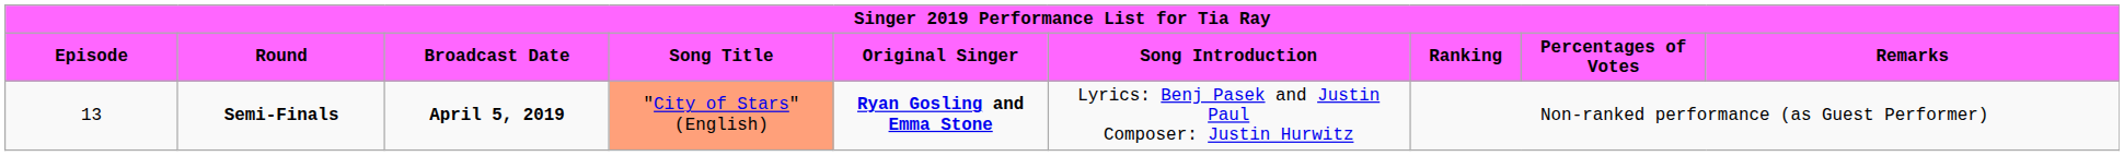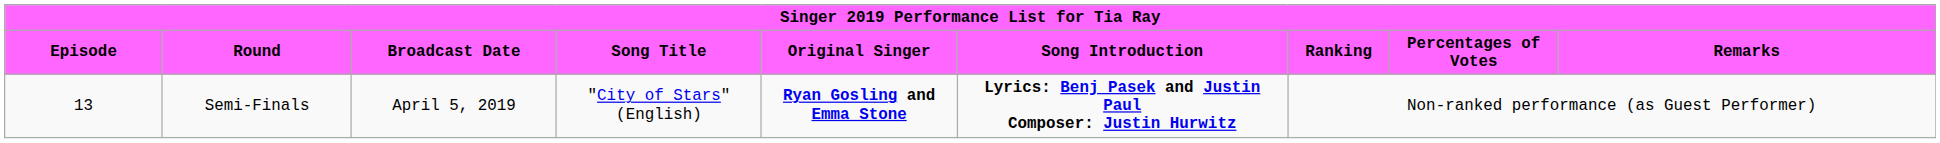 <table class="wikitable sortable mw-collapsible" width="100%" style="text-align:center">
 <tr align="center" style="background:#FF66FF">
 <td colspan="9"><div><strong>Singer 2019 Performance List for Tia Ray</strong></div></td>
 </tr>
 <tr align="center" style="background:#FF66FF">
 <td style="width:3%"><strong>Episode</strong></td>
 <td style="width:4%"><strong>Round</strong></td>
 <td style="width:4%"><strong>Broadcast Date</strong></td>
 <td style="width:4%"><strong>Song Title</strong></td>
 <td style="width:4%"><strong>Original Singer</strong></td>
 <td style="width:7%"><strong>Song Introduction</strong></td>
 <td style="width:1%"><strong>Ranking</strong></td>
 <td style="width:2%"><strong>Percentages of Votes</strong></td>
 <td style="width:8%"><strong>Remarks</strong></td>
 </tr>
 <tr>
 <td>13</td>
-<td><strong>Semi-Finals</strong></td>
-<td><strong>April 5, 2019</strong></td>
-<td style="background: lightsalmon;">"<a href='#'>City of Stars</a>"<br>(English)</td>
+<td>Semi-Finals</td>
+<td>April 5, 2019</td>
+<td>"<a href='#'>City of Stars</a>"<br>(English)</td>
 <td><strong><a href='#'>Ryan Gosling</a> and <a href='#'>Emma Stone</a></strong></td>
-<td>Lyrics: <a href='#'>Benj Pasek</a> and <a href='#'>Justin Paul</a><br>Composer: <a href='#'>Justin Hurwitz</a></td>
+<td><strong>Lyrics: <a href='#'>Benj Pasek</a> and <a href='#'>Justin Paul</a><br>Composer: <a href='#'>Justin Hurwitz</a></strong></td>
 <td colspan=3>Non-ranked performance (as Guest Performer)</td>
 </tr>
 </table>
